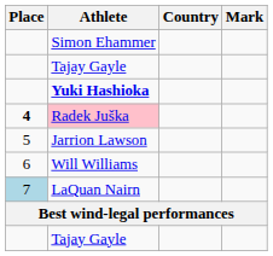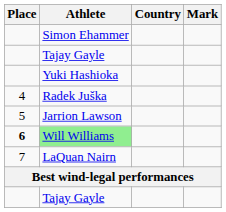 <table class="wikitable">
 <tr>
 <th>Place</th>
 <th>Athlete</th>
 <th>Country</th>
 <th>Mark</th>
 </tr>
 <tr>
 <td align=center></td>
 <td><a href='#'>Simon Ehammer</a></td>
 <td></td>
 <td> </td>
 </tr>
 <tr>
 <td align=center></td>
 <td><a href='#'>Tajay Gayle</a></td>
 <td></td>
 <td> </td>
 </tr>
 <tr>
 <td align=center></td>
-<td><strong><a href='#'>Yuki Hashioka</a></strong></td>
+<td><a href='#'>Yuki Hashioka</a></td>
 <td></td>
 <td> </td>
 </tr>
 <tr>
-<td align=center><strong>4</strong></td>
-<td style="background: pink;"><a href='#'>Radek Juška</a></td>
+<td align=center>4</td>
+<td><a href='#'>Radek Juška</a></td>
 <td></td>
 <td> </td>
 </tr>
 <tr>
 <td align=center>5</td>
 <td><a href='#'>Jarrion Lawson</a></td>
 <td></td>
 <td> </td>
 </tr>
 <tr>
-<td align=center>6</td>
-<td><a href='#'>Will Williams</a></td>
+<td align=center><strong>6</strong></td>
+<td style="background: lightgreen;"><a href='#'>Will Williams</a></td>
 <td></td>
 <td> </td>
 </tr>
 <tr>
-<td align=center style="background: lightblue;">7</td>
+<td align=center>7</td>
 <td><a href='#'>LaQuan Nairn</a></td>
 <td></td>
 <td> </td>
 </tr>
 <tr>
 <th align=center colspan=5>Best wind-legal performances</th>
 </tr>
 <tr>
 <td align=center></td>
 <td><a href='#'>Tajay Gayle</a></td>
 <td></td>
 <td> </td>
 </tr>
 </table>
